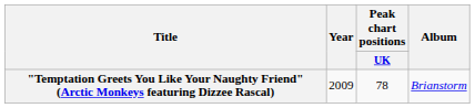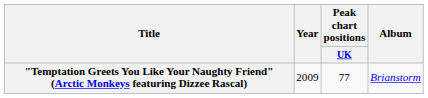 <table class="wikitable plainrowheaders" style="text-align:center;" border="1">
 <tr>
 <th scope="col" rowspan="2" style="width:27em;">Title</th>
 <th scope="col" rowspan="2" style="width:1em;">Year</th>
 <th scope="col" colspan="1">Peak chart positions</th>
 <th scope="col" rowspan="2">Album</th>
 </tr>
 <tr>
 <th scope="col" style="width:2.5em;font-size:90%;"><a href='#'>UK</a><br></th>
 </tr>
 <tr>
 <th scope="row">"Temptation Greets You Like Your Naughty Friend"<br><span>(<a href='#'>Arctic Monkeys</a> featuring Dizzee Rascal)</span></th>
 <td>2009</td>
-<td>78</td>
+<td>77</td>
 <td><em><a href='#'>Brianstorm</a></em></td>
 </tr>
 </table>
